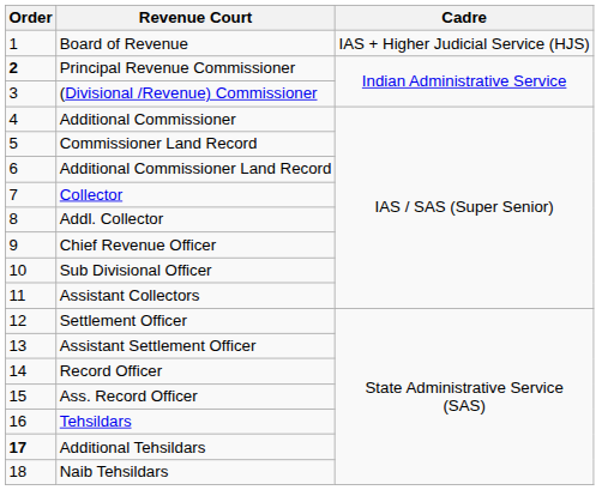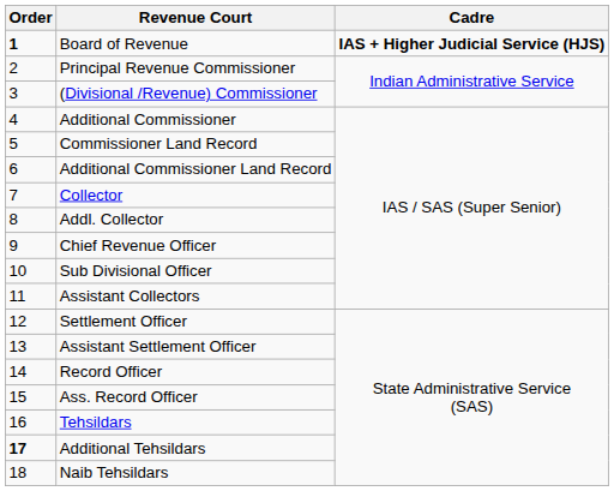 <table class="wikitable">
 <tr>
 <th>Order</th>
 <th>Revenue Court</th>
 <th>Cadre</th>
 </tr>
 <tr>
-<td>1</td>
+<td><strong>1</strong></td>
 <td>Board of Revenue</td>
-<td>IAS + Higher Judicial Service (HJS)</td>
+<td><strong>IAS + Higher Judicial Service (HJS)</strong></td>
 </tr>
 <tr>
-<td><strong>2</strong></td>
+<td>2</td>
 <td>Principal Revenue Commissioner</td>
 <td rowspan="2" style="text-align: center;"><a href='#'>Indian Administrative Service</a></td>
 </tr>
 <tr>
 <td>3</td>
 <td>(<a href='#'>Divisional /Revenue) Commissioner</a></td>
 </tr>
 <tr>
 <td>4</td>
 <td>Additional Commissioner</td>
 <td rowspan="8" style="text-align: center;">IAS / SAS (Super Senior)</td>
 </tr>
 <tr>
 <td>5</td>
 <td>Commissioner Land Record</td>
 </tr>
 <tr>
 <td>6</td>
 <td>Additional Commissioner Land Record</td>
 </tr>
 <tr>
 <td>7</td>
 <td><a href='#'>Collector</a></td>
 </tr>
 <tr>
 <td>8</td>
 <td>Addl. Collector</td>
 </tr>
 <tr>
 <td>9</td>
 <td>Chief Revenue Officer</td>
 </tr>
 <tr>
 <td>10</td>
 <td>Sub Divisional Officer</td>
 </tr>
 <tr>
 <td>11</td>
 <td>Assistant Collectors</td>
 </tr>
 <tr>
 <td>12</td>
 <td>Settlement Officer</td>
 <td rowspan="7" style="text-align: center;">State Administrative Service<br>(SAS)</td>
 </tr>
 <tr>
 <td>13</td>
 <td>Assistant Settlement Officer</td>
 </tr>
 <tr>
 <td>14</td>
 <td>Record Officer</td>
 </tr>
 <tr>
 <td>15</td>
 <td>Ass. Record Officer</td>
 </tr>
 <tr>
 <td>16</td>
 <td><a href='#'>Tehsildars</a></td>
 </tr>
 <tr>
 <td><strong>17</strong></td>
 <td>Additional Tehsildars</td>
 </tr>
 <tr>
 <td>18</td>
 <td>Naib Tehsildars</td>
 </tr>
 </table>
